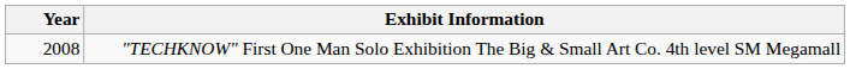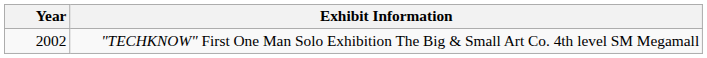 <table class="wikitable">
 <tr>
 <th style="padding-left: 2em">Year</th>
 <th>Exhibit Information</th>
 </tr>
 <tr>
-<td style="padding-left: 2em">2008</td>
+<td style="padding-left: 2em">2002</td>
 <td style="padding-left: 2em"><em>"TECHKNOW"</em> First One Man Solo Exhibition The Big & Small Art Co. 4th level SM Megamall</td>
 </tr>
 </table>
